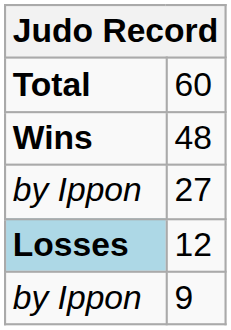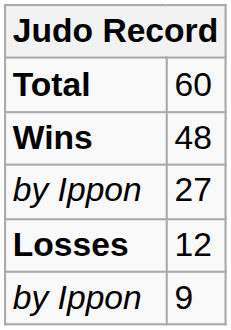 <table class="wikitable">
 <tr>
 <th colspan="2">Judo Record</th>
 </tr>
 <tr>
 <td><strong>Total</strong></td>
 <td>60</td>
 </tr>
 <tr>
 <td><strong>Wins</strong></td>
 <td>48</td>
 </tr>
 <tr>
 <td><em>by Ippon</em></td>
 <td>27</td>
 </tr>
 <tr>
-<td style="background: lightblue;"><strong>Losses</strong></td>
+<td><strong>Losses</strong></td>
 <td>12</td>
 </tr>
 <tr>
 <td><em>by Ippon</em></td>
 <td>9</td>
 </tr>
 </table>
